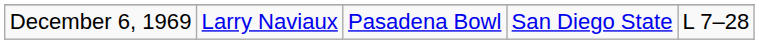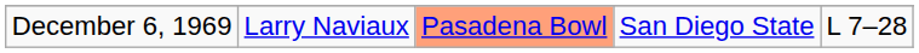 <table class="wikitable" style="text-align:center;">
 <tr>
 </tr>
 <tr>
 <td>December 6, 1969</td>
 <td><a href='#'>Larry Naviaux</a></td>
-<td><a href='#'>Pasadena Bowl</a></td>
+<td style="background: lightsalmon;"><a href='#'>Pasadena Bowl</a></td>
 <td><a href='#'>San Diego State</a></td>
 <td>L 7–28</td>
 </tr>
 </table>
